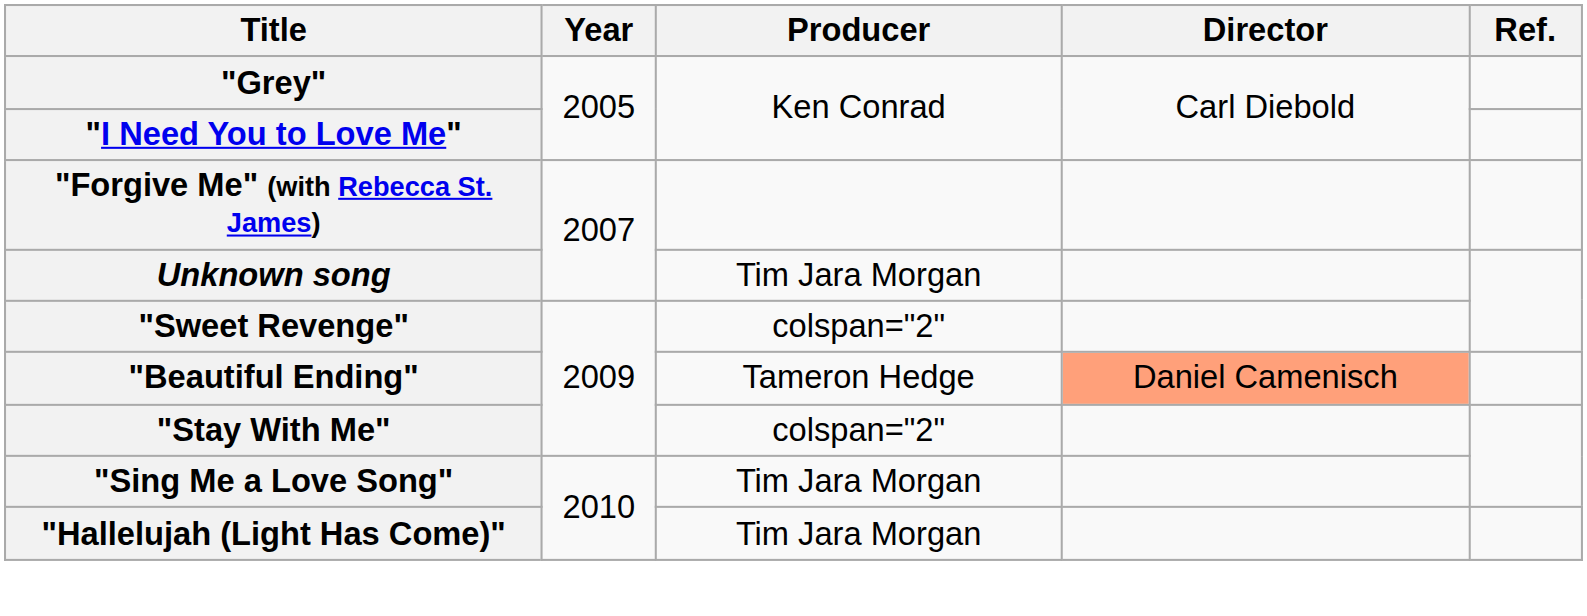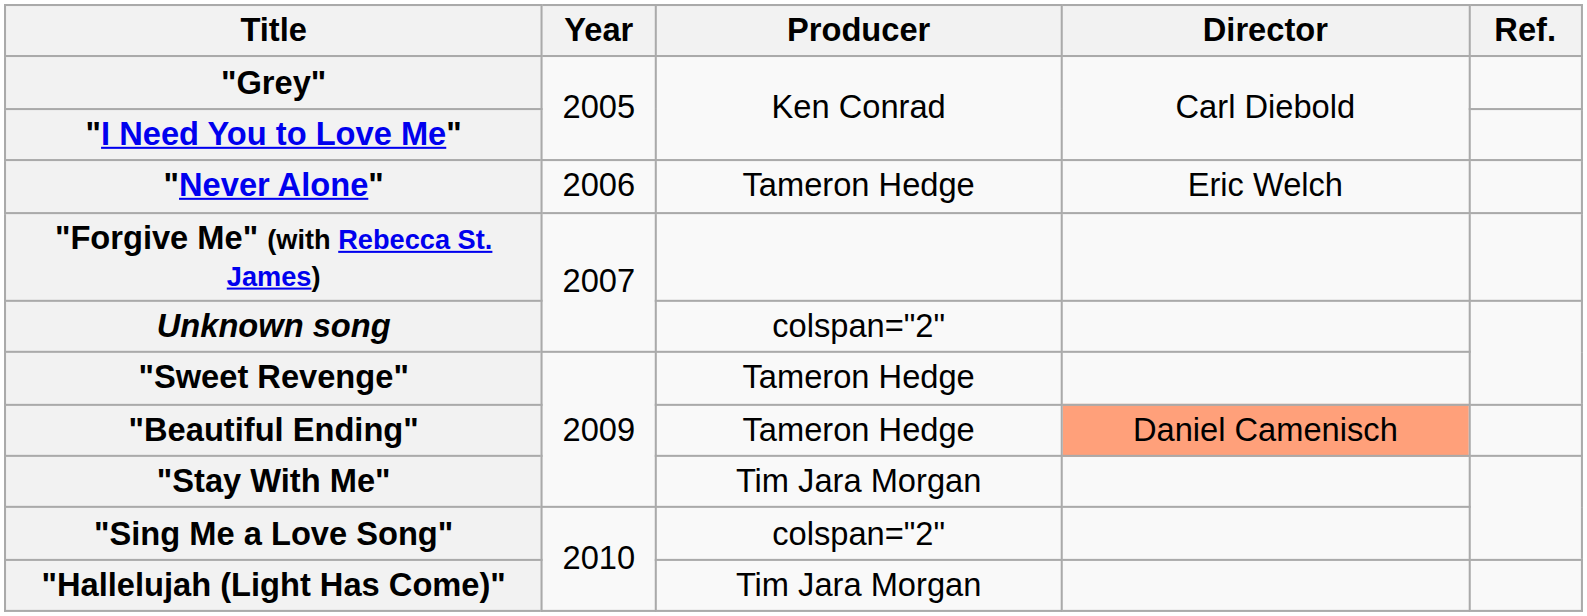 <table class="wikitable plainrowheaders" style="text-align:center;">
 <tr>
 <th scope="col" style="width:16em;">Title</th>
 <th scope="col" style="width:3em;">Year</th>
 <th scope="col" style="width:12em;">Producer</th>
 <th scope="col" style="width:12em;">Director</th>
 <th scope="col" style="width:3em;">Ref.</th>
 </tr>
 <tr>
 <th scope="row">"Grey"</th>
 <td rowspan="2">2005</td>
 <td rowspan="2">Ken Conrad</td>
 <td rowspan="2">Carl Diebold</td>
 <td></td>
 </tr>
 <tr>
 <th scope="row">"<a href='#'>I Need You to Love Me</a>"</th>
 <td></td>
 </tr>
 <tr>
+<th scope="row">"<a href='#'>Never Alone</a>"</th>
+<td>2006</td>
+<td>Tameron Hedge</td>
+<td>Eric Welch</td>
+<td></td>
+</tr>
+<tr>
 <th scope="row">"Forgive Me" <small>(with <a href='#'>Rebecca St. James</a>)</small></th>
 <td rowspan="2">2007</td>
 <td></td>
 <td></td>
 <td></td>
 </tr>
 <tr>
 <th scope="row"><em>Unknown song</em></th>
-<td>Tim Jara Morgan</td>
+<td>colspan="2" </td>
 <td></td>
 </tr>
 <tr>
 <th scope="row">"Sweet Revenge"</th>
 <td rowspan="3">2009</td>
-<td>colspan="2" </td>
+<td>Tameron Hedge</td>
 <td></td>
 </tr>
 <tr>
 <th scope="row">"Beautiful Ending"</th>
 <td>Tameron Hedge</td>
 <td style="background: lightsalmon;">Daniel Camenisch</td>
 <td></td>
 </tr>
 <tr>
 <th scope="row">"Stay With Me"</th>
-<td>colspan="2" </td>
+<td>Tim Jara Morgan</td>
 <td></td>
 </tr>
 <tr>
 <th scope="row">"Sing Me a Love Song"</th>
 <td rowspan="2">2010</td>
-<td>Tim Jara Morgan</td>
+<td>colspan="2" </td>
 <td></td>
 </tr>
 <tr>
 <th scope="row">"Hallelujah (Light Has Come)"</th>
 <td>Tim Jara Morgan</td>
 <td></td>
 <td></td>
 </tr>
 </table>
